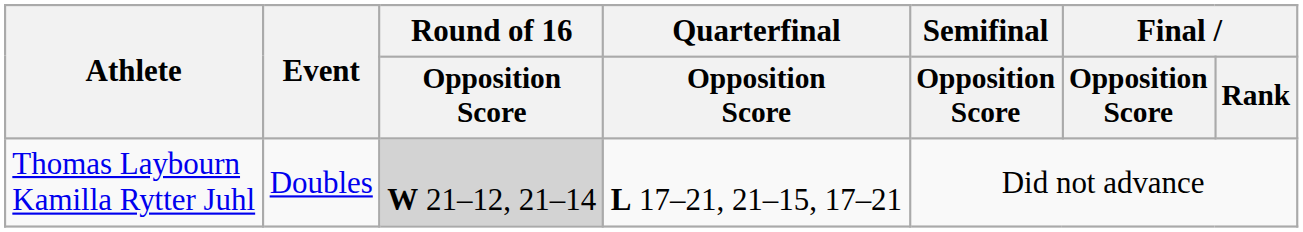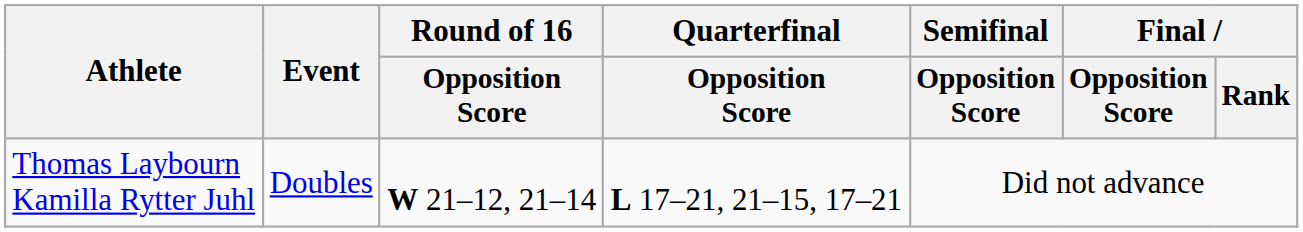 <table class=wikitable style="font-size:90%">
 <tr>
 <th rowspan="2">Athlete</th>
 <th rowspan="2">Event</th>
 <th>Round of 16</th>
 <th>Quarterfinal</th>
 <th>Semifinal</th>
 <th colspan=2>Final / </th>
 </tr>
 <tr style="font-size:95%">
 <th>Opposition<br>Score</th>
 <th>Opposition<br>Score</th>
 <th>Opposition<br>Score</th>
 <th>Opposition<br>Score</th>
 <th>Rank</th>
 </tr>
 <tr align=center>
 <td align=left><a href='#'>Thomas Laybourn</a><br><a href='#'>Kamilla Rytter Juhl</a></td>
 <td align=left><a href='#'>Doubles</a></td>
-<td style="background: lightgrey;"><br><strong>W</strong> 21–12, 21–14</td>
+<td><br><strong>W</strong> 21–12, 21–14</td>
 <td><br><strong>L</strong> 17–21, 21–15, 17–21</td>
 <td colspan=3>Did not advance</td>
 </tr>
 </table>
